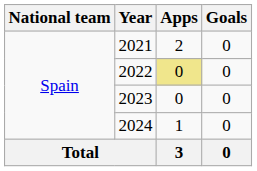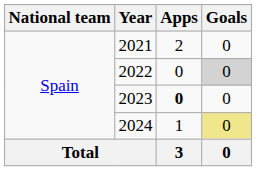 <table class="wikitable" style="text-align: center;">
 <tr>
 <th>National team</th>
 <th>Year</th>
 <th>Apps</th>
 <th>Goals</th>
 </tr>
 <tr>
 <td rowspan="4"><a href='#'>Spain</a></td>
 <td>2021</td>
 <td>2</td>
 <td>0</td>
 </tr>
 <tr>
 <td>2022</td>
-<td style="background: khaki;">0</td>
 <td>0</td>
+<td style="background: lightgrey;">0</td>
 </tr>
 <tr>
 <td>2023</td>
-<td>0</td>
+<td><strong>0</strong></td>
 <td>0</td>
 </tr>
 <tr>
 <td>2024</td>
 <td>1</td>
-<td>0</td>
+<td style="background: khaki;">0</td>
 </tr>
 <tr>
 <th colspan="2">Total</th>
 <th>3</th>
 <th>0</th>
 </tr>
 </table>
